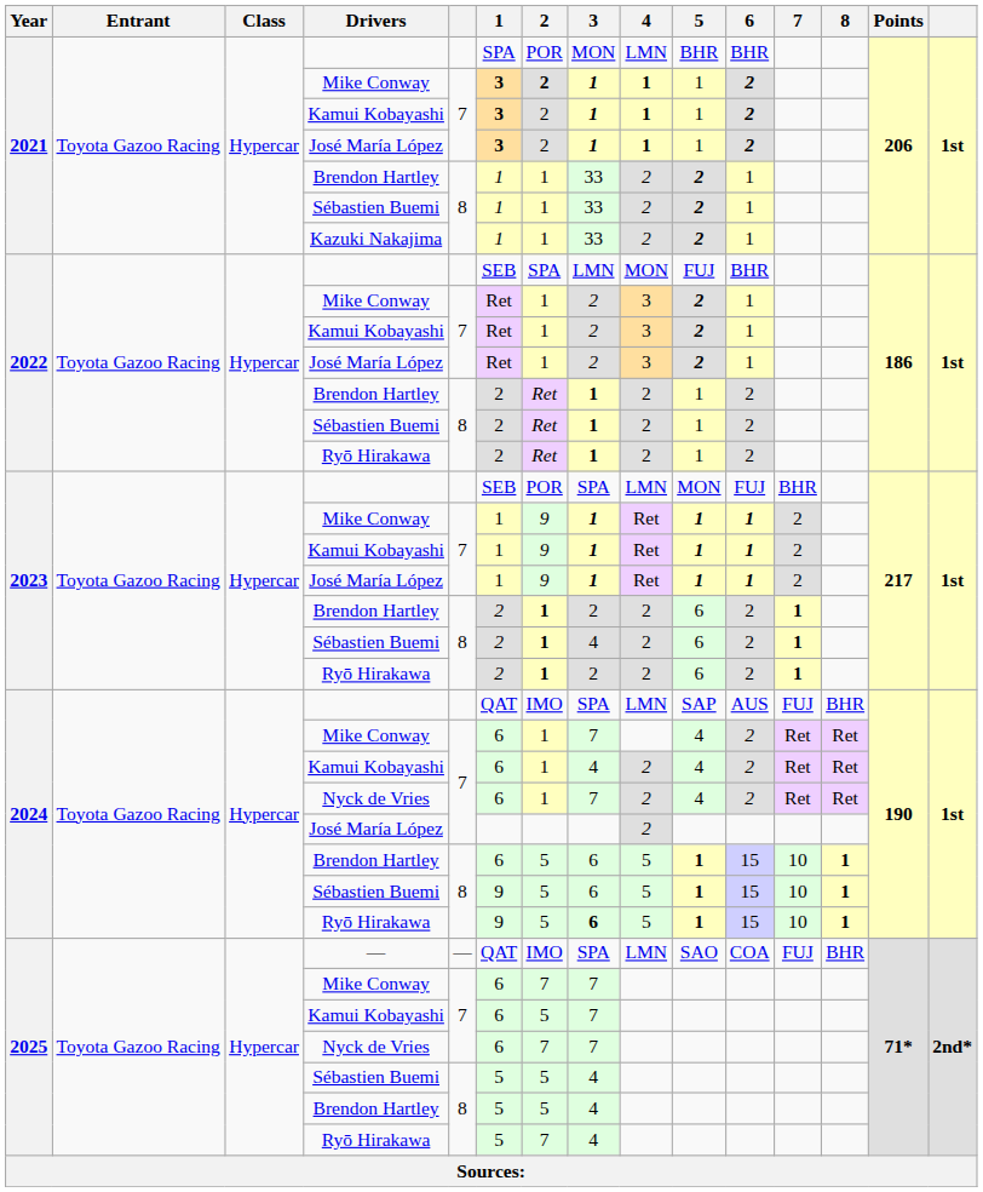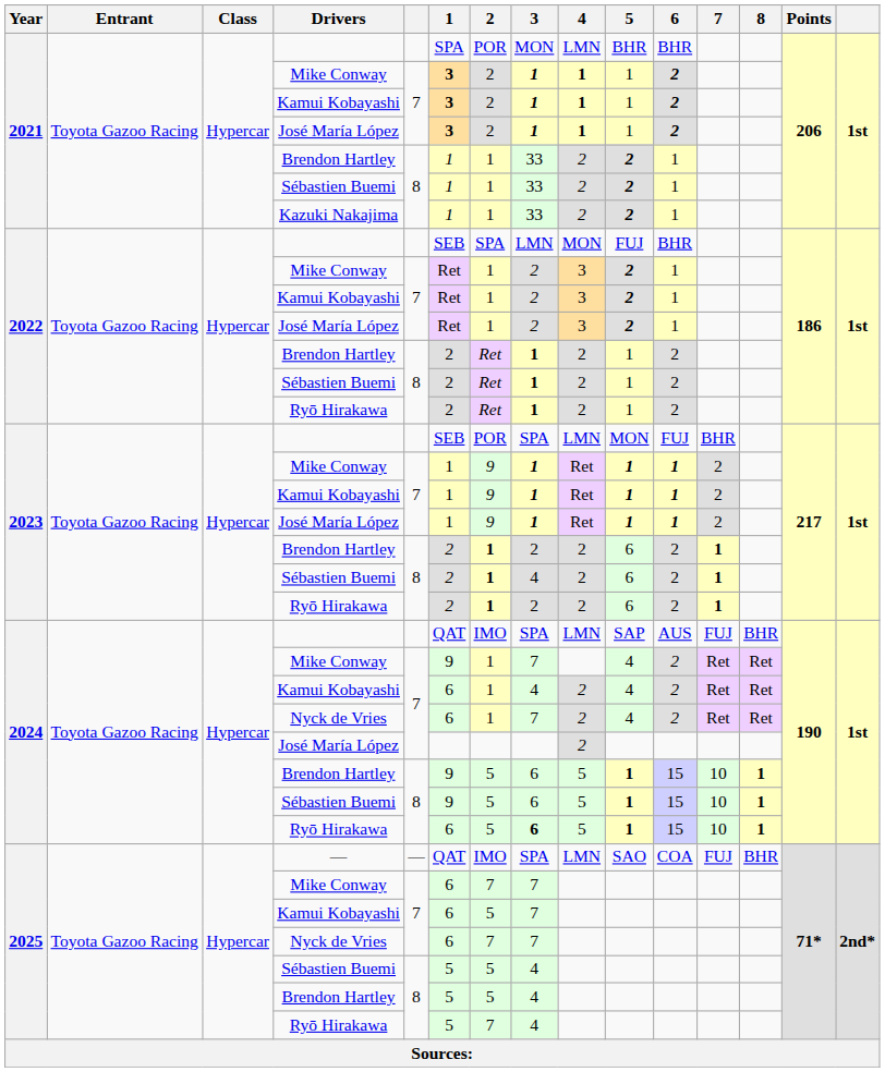 <table class="wikitable" style="text-align:center; font-size:90%">
 <tr>
 <th>Year</th>
 <th>Entrant</th>
 <th>Class</th>
 <th>Drivers</th>
 <th></th>
 <th>1</th>
 <th>2</th>
 <th>3</th>
 <th>4</th>
 <th>5</th>
 <th>6</th>
 <th>7</th>
 <th>8</th>
 <th>Points</th>
 <th></th>
 </tr>
 <tr>
 <th rowspan=7><a href='#'>2021</a></th>
 <td rowspan=7><a href='#'>Toyota Gazoo Racing</a></td>
 <td rowspan=7><a href='#'>Hypercar</a></td>
 <td></td>
 <td></td>
 <td><a href='#'>SPA</a></td>
 <td><a href='#'>POR</a></td>
 <td><a href='#'>MON</a></td>
 <td><a href='#'>LMN</a></td>
 <td><a href='#'>BHR</a></td>
 <td><a href='#'>BHR</a></td>
 <td></td>
 <td></td>
 <th rowspan="7" style="background:#FFFFBF;">206</th>
 <th rowspan="7" style="background:#FFFFBF;">1st</th>
 </tr>
 <tr>
 <td> <a href='#'>Mike Conway</a></td>
 <td rowspan=3>7</td>
 <td style="background:#FFDF9F;"><strong>3</strong></td>
-<td style="background:#DFDFDF;"><strong>2</strong></td>
+<td style="background:#DFDFDF;">2</td>
 <td style="background:#FFFFBF;"><strong><em>1</em></strong></td>
 <td style="background:#FFFFBF;"><strong>1</strong></td>
 <td style="background:#FFFFBF;">1</td>
 <td style="background:#DFDFDF;"><strong><em>2</em></strong></td>
 <td></td>
 <td></td>
 </tr>
 <tr>
 <td> <a href='#'>Kamui Kobayashi</a></td>
 <td style="background:#FFDF9F;"><strong>3</strong></td>
 <td style="background:#DFDFDF;">2</td>
 <td style="background:#FFFFBF;"><strong><em>1</em></strong></td>
 <td style="background:#FFFFBF;"><strong>1</strong></td>
 <td style="background:#FFFFBF;">1</td>
 <td style="background:#DFDFDF;"><strong><em>2</em></strong></td>
 <td></td>
 <td></td>
 </tr>
 <tr>
 <td> <a href='#'>José María López</a></td>
 <td style="background:#FFDF9F;"><strong>3</strong></td>
 <td style="background:#DFDFDF;">2</td>
 <td style="background:#FFFFBF;"><strong><em>1</em></strong></td>
 <td style="background:#FFFFBF;"><strong>1</strong></td>
 <td style="background:#FFFFBF;">1</td>
 <td style="background:#DFDFDF;"><strong><em>2</em></strong></td>
 <td></td>
 <td></td>
 </tr>
 <tr>
 <td> <a href='#'>Brendon Hartley</a></td>
 <td rowspan=3>8</td>
 <td style="background:#FFFFBF;"><em>1</em></td>
 <td style="background:#FFFFBF;">1</td>
 <td style="background:#dfffdf;">33</td>
 <td style="background:#DFDFDF;"><em>2</em></td>
 <td style="background:#DFDFDF;"><strong><em>2</em></strong></td>
 <td style="background:#FFFFBF;">1</td>
 <td></td>
 <td></td>
 </tr>
 <tr>
 <td> <a href='#'>Sébastien Buemi</a></td>
 <td style="background:#FFFFBF;"><em>1</em></td>
 <td style="background:#FFFFBF;">1</td>
 <td style="background:#dfffdf;">33</td>
 <td style="background:#DFDFDF;"><em>2</em></td>
 <td style="background:#DFDFDF;"><strong><em>2</em></strong></td>
 <td style="background:#FFFFBF;">1</td>
 <td></td>
 <td></td>
 </tr>
 <tr>
 <td> <a href='#'>Kazuki Nakajima</a></td>
 <td style="background:#FFFFBF;"><em>1</em></td>
 <td style="background:#FFFFBF;">1</td>
 <td style="background:#dfffdf;">33</td>
 <td style="background:#DFDFDF;"><em>2</em></td>
 <td style="background:#DFDFDF;"><strong><em>2</em></strong></td>
 <td style="background:#FFFFBF;">1</td>
 <td></td>
 <td></td>
 </tr>
 <tr>
 <th rowspan=7><a href='#'>2022</a></th>
 <td rowspan=7><a href='#'>Toyota Gazoo Racing</a></td>
 <td rowspan=7><a href='#'>Hypercar</a></td>
 <td></td>
 <td></td>
 <td><a href='#'>SEB</a></td>
 <td><a href='#'>SPA</a></td>
 <td><a href='#'>LMN</a></td>
 <td><a href='#'>MON</a></td>
 <td><a href='#'>FUJ</a></td>
 <td><a href='#'>BHR</a></td>
 <td></td>
 <td></td>
 <th rowspan="7" style="background:#FFFFBF;">186</th>
 <th rowspan="7" style="background:#FFFFBF;">1st</th>
 </tr>
 <tr>
 <td> <a href='#'>Mike Conway</a></td>
 <td rowspan=3>7</td>
 <td style="background:#efcfff;">Ret</td>
 <td style="background:#FFFFBF;">1</td>
 <td style="background:#DFDFDF;"><em>2</em></td>
 <td style="background:#FFDF9F;">3</td>
 <td style="background:#DFDFDF;"><strong><em>2</em></strong></td>
 <td style="background:#FFFFBF;">1</td>
 <td></td>
 <td></td>
 </tr>
 <tr>
 <td> <a href='#'>Kamui Kobayashi</a></td>
 <td style="background:#efcfff;">Ret</td>
 <td style="background:#FFFFBF;">1</td>
 <td style="background:#DFDFDF;"><em>2</em></td>
 <td style="background:#FFDF9F;">3</td>
 <td style="background:#DFDFDF;"><strong><em>2</em></strong></td>
 <td style="background:#FFFFBF;">1</td>
 <td></td>
 <td></td>
 </tr>
 <tr>
 <td> <a href='#'>José María López</a></td>
 <td style="background:#efcfff;">Ret</td>
 <td style="background:#FFFFBF;">1</td>
 <td style="background:#DFDFDF;"><em>2</em></td>
 <td style="background:#FFDF9F;">3</td>
 <td style="background:#DFDFDF;"><strong><em>2</em></strong></td>
 <td style="background:#FFFFBF;">1</td>
 <td></td>
 <td></td>
 </tr>
 <tr>
 <td> <a href='#'>Brendon Hartley</a></td>
 <td rowspan=3>8</td>
 <td style="background:#DFDFDF;">2</td>
 <td style="background:#efcfff;"><em>Ret</em></td>
 <td style="background:#FFFFBF;"><strong>1</strong></td>
 <td style="background:#DFDFDF;">2</td>
 <td style="background:#FFFFBF;">1</td>
 <td style="background:#DFDFDF;">2</td>
 <td></td>
 <td></td>
 </tr>
 <tr>
 <td> <a href='#'>Sébastien Buemi</a></td>
 <td style="background:#DFDFDF;">2</td>
 <td style="background:#efcfff;"><em>Ret</em></td>
 <td style="background:#FFFFBF;"><strong>1</strong></td>
 <td style="background:#DFDFDF;">2</td>
 <td style="background:#FFFFBF;">1</td>
 <td style="background:#DFDFDF;">2</td>
 <td></td>
 <td></td>
 </tr>
 <tr>
 <td> <a href='#'>Ryō Hirakawa</a></td>
 <td style="background:#DFDFDF;">2</td>
 <td style="background:#efcfff;"><em>Ret</em></td>
 <td style="background:#FFFFBF;"><strong>1</strong></td>
 <td style="background:#DFDFDF;">2</td>
 <td style="background:#FFFFBF;">1</td>
 <td style="background:#DFDFDF;">2</td>
 <td></td>
 <td></td>
 </tr>
 <tr>
 <th rowspan=7><a href='#'>2023</a></th>
 <td rowspan=7><a href='#'>Toyota Gazoo Racing</a></td>
 <td rowspan=7><a href='#'>Hypercar</a></td>
 <td></td>
 <td></td>
 <td><a href='#'>SEB</a></td>
 <td><a href='#'>POR</a></td>
 <td><a href='#'>SPA</a></td>
 <td><a href='#'>LMN</a></td>
 <td><a href='#'>MON</a></td>
 <td><a href='#'>FUJ</a></td>
 <td><a href='#'>BHR</a></td>
 <td></td>
 <th rowspan="7" style="background:#FFFFBF;” ">217</th>
 <th rowspan="7" style="background:#FFFFBF;”">1st</th>
 </tr>
 <tr>
 <td> <a href='#'>Mike Conway</a></td>
 <td rowspan=3>7</td>
 <td style="background:#FFFFBF;">1</td>
 <td style="background:#dfffdf;"><em>9</em></td>
 <td style="background:#FFFFBF;"><strong><em>1</em></strong></td>
 <td style="background:#efcfff;">Ret</td>
 <td style="background:#FFFFBF;"><strong><em>1</em></strong></td>
 <td style="background:#FFFFBF;"><strong><em>1</em></strong></td>
 <td style="background:#DFDFDF;">2</td>
 <td></td>
 </tr>
 <tr>
 <td> <a href='#'>Kamui Kobayashi</a></td>
 <td style="background:#FFFFBF;">1</td>
 <td style="background:#dfffdf;"><em>9</em></td>
 <td style="background:#FFFFBF;"><strong><em>1</em></strong></td>
 <td style="background:#efcfff;">Ret</td>
 <td style="background:#FFFFBF;"><strong><em>1</em></strong></td>
 <td style="background:#FFFFBF;"><strong><em>1</em></strong></td>
 <td style="background:#DFDFDF;">2</td>
 <td></td>
 </tr>
 <tr>
 <td> <a href='#'>José María López</a></td>
 <td style="background:#FFFFBF;">1</td>
 <td style="background:#dfffdf;"><em>9</em></td>
 <td style="background:#FFFFBF;"><strong><em>1</em></strong></td>
 <td style="background:#efcfff;">Ret</td>
 <td style="background:#FFFFBF;"><strong><em>1</em></strong></td>
 <td style="background:#FFFFBF;"><strong><em>1</em></strong></td>
 <td style="background:#DFDFDF;">2</td>
 <td></td>
 </tr>
 <tr>
 <td> <a href='#'>Brendon Hartley</a></td>
 <td rowspan=3>8</td>
 <td style="background:#DFDFDF;"><em>2</em></td>
 <td style="background:#FFFFBF;"><strong>1</strong></td>
 <td style="background:#DFDFDF;">2</td>
 <td style="background:#DFDFDF;">2</td>
 <td style="background:#dfffdf;">6</td>
 <td style="background:#DFDFDF;">2</td>
 <td style="background:#FFFFBF;"><strong>1</strong></td>
 <td></td>
 </tr>
 <tr>
 <td> <a href='#'>Sébastien Buemi</a></td>
 <td style="background:#DFDFDF;"><em>2</em></td>
 <td style="background:#FFFFBF;"><strong>1</strong></td>
 <td style="background:#DFDFDF;">4</td>
 <td style="background:#DFDFDF;">2</td>
 <td style="background:#dfffdf;">6</td>
 <td style="background:#DFDFDF;">2</td>
 <td style="background:#FFFFBF;"><strong>1</strong></td>
 <td></td>
 </tr>
 <tr>
 <td> <a href='#'>Ryō Hirakawa</a></td>
 <td style="background:#DFDFDF;"><em>2</em></td>
 <td style="background:#FFFFBF;"><strong>1</strong></td>
 <td style="background:#DFDFDF;">2</td>
 <td style="background:#DFDFDF;">2</td>
 <td style="background:#dfffdf;">6</td>
 <td style="background:#DFDFDF;">2</td>
 <td style="background:#FFFFBF;"><strong>1</strong></td>
 <td></td>
 </tr>
 <tr>
 <th rowspan=8><a href='#'>2024</a></th>
 <td rowspan=8><a href='#'>Toyota Gazoo Racing</a></td>
 <td rowspan=8><a href='#'>Hypercar</a></td>
 <td></td>
 <td></td>
 <td><a href='#'>QAT</a></td>
 <td><a href='#'>IMO</a></td>
 <td><a href='#'>SPA</a></td>
 <td><a href='#'>LMN</a></td>
 <td><a href='#'>SAP</a></td>
 <td><a href='#'>AUS</a></td>
 <td><a href='#'>FUJ</a></td>
 <td><a href='#'>BHR</a></td>
 <th rowspan="8" style="background:#FFFFBF;">190</th>
 <th rowspan="8" style="background:#FFFFBF;">1st</th>
 </tr>
 <tr>
 <td> <a href='#'>Mike Conway</a></td>
 <td rowspan=4>7</td>
-<td style="background:#dfffdf;">6</td>
+<td style="background:#dfffdf;">9</td>
 <td style="background:#FFFFBF;">1</td>
 <td style="background:#dfffdf;">7</td>
 <td></td>
 <td style="background:#dfffdf;”">4</td>
 <td style="background:#DFDFDF;"><em>2</em></td>
 <td style="background:#efcfff;">Ret</td>
 <td style="background:#efcfff;">Ret</td>
 </tr>
 <tr>
 <td> <a href='#'>Kamui Kobayashi</a></td>
 <td style="background:#dfffdf;">6</td>
 <td style="background:#FFFFBF;">1</td>
 <td style="background:#dfffdf;">4</td>
 <td style="background:#DFDFDF;"><em>2</em></td>
 <td style="background:#dfffdf;”">4</td>
 <td style="background:#DFDFDF;"><em>2</em></td>
 <td style="background:#efcfff;">Ret</td>
 <td style="background:#efcfff;">Ret</td>
 </tr>
 <tr>
 <td> <a href='#'>Nyck de Vries</a></td>
 <td style="background:#dfffdf;">6</td>
 <td style="background:#FFFFBF;">1</td>
 <td style="background:#dfffdf;">7</td>
 <td style="background:#DFDFDF;"><em>2</em></td>
 <td style="background:#dfffdf;”">4</td>
 <td style="background:#DFDFDF;"><em>2</em></td>
 <td style="background:#efcfff;">Ret</td>
 <td style="background:#efcfff;">Ret</td>
 </tr>
 <tr>
 <td> <a href='#'>José María López</a></td>
 <td></td>
 <td></td>
 <td></td>
 <td style="background:#DFDFDF;"><em>2</em></td>
 <td></td>
 <td></td>
 <td></td>
 <td></td>
 </tr>
 <tr>
 <td> <a href='#'>Brendon Hartley</a></td>
 <td rowspan=3>8</td>
-<td style="background:#dfffdf;">6</td>
+<td style="background:#dfffdf;">9</td>
 <td style="background:#dfffdf;">5</td>
 <td style="background:#dfffdf;">6</td>
 <td style="background:#dfffdf;">5</td>
 <td style="background:#FFFFBF;"><strong>1</strong></td>
 <td style="background:#CFCFFF;”">15</td>
 <td style="background:#dfffdf;">10</td>
 <td style="background:#FFFFBF;"><strong>1</strong></td>
 </tr>
 <tr>
 <td> <a href='#'>Sébastien Buemi</a></td>
 <td style="background:#dfffdf;">9</td>
 <td style="background:#dfffdf;">5</td>
 <td style="background:#dfffdf;">6</td>
 <td style="background:#dfffdf;">5</td>
 <td style="background:#FFFFBF;"><strong>1</strong></td>
 <td style="background:#CFCFFF;”">15</td>
 <td style="background:#dfffdf;">10</td>
 <td style="background:#FFFFBF;"><strong>1</strong></td>
 </tr>
 <tr>
 <td> <a href='#'>Ryō Hirakawa</a></td>
-<td style="background:#dfffdf;">9</td>
+<td style="background:#dfffdf;">6</td>
 <td style="background:#dfffdf;">5</td>
 <td style="background:#dfffdf;"><strong>6</strong></td>
 <td style="background:#dfffdf;">5</td>
 <td style="background:#FFFFBF;"><strong>1</strong></td>
 <td style="background:#CFCFFF;”">15</td>
 <td style="background:#dfffdf;">10</td>
 <td style="background:#FFFFBF;"><strong>1</strong></td>
 </tr>
 <tr>
 <th rowspan="7"><a href='#'>2025</a></th>
 <td rowspan="7"><a href='#'>Toyota Gazoo Racing</a></td>
 <td rowspan="7"><a href='#'>Hypercar</a></td>
 <td>—</td>
 <td>—</td>
 <td><a href='#'>QAT</a></td>
 <td><a href='#'>IMO</a></td>
 <td><a href='#'>SPA</a></td>
 <td><a href='#'>LMN</a></td>
 <td><a href='#'>SAO</a></td>
 <td><a href='#'>COA</a></td>
 <td><a href='#'>FUJ</a></td>
 <td><a href='#'>BHR</a></td>
 <th rowspan="7" style="background:#DFDFDF;">71*</th>
 <th rowspan="7" style="background:#DFDFDF;">2nd*</th>
 </tr>
 <tr>
 <td> <a href='#'>Mike Conway</a></td>
 <td rowspan="3">7</td>
 <td style="background:#dfffdf;">6</td>
 <td style="background:#dfffdf;">7</td>
 <td style="background:#dfffdf;">7</td>
 <td></td>
 <td></td>
 <td></td>
 <td></td>
 <td></td>
 </tr>
 <tr>
 <td> <a href='#'>Kamui Kobayashi</a></td>
 <td style="background:#dfffdf;">6</td>
 <td style="background:#dfffdf;">5</td>
 <td style="background:#dfffdf;">7</td>
 <td></td>
 <td></td>
 <td></td>
 <td></td>
 <td></td>
 </tr>
 <tr>
 <td> <a href='#'>Nyck de Vries</a></td>
 <td style="background:#dfffdf;">6</td>
 <td style="background:#dfffdf;">7</td>
 <td style="background:#dfffdf;">7</td>
 <td></td>
 <td></td>
 <td></td>
 <td></td>
 <td></td>
 </tr>
 <tr>
 <td> <a href='#'>Sébastien Buemi</a></td>
 <td rowspan="3">8</td>
 <td style="background:#dfffdf;">5</td>
 <td style="background:#dfffdf;">5</td>
 <td style="background:#dfffdf;">4</td>
 <td></td>
 <td></td>
 <td></td>
 <td></td>
 <td></td>
 </tr>
 <tr>
 <td> <a href='#'>Brendon Hartley</a></td>
 <td style="background:#dfffdf;">5</td>
 <td style="background:#dfffdf;">5</td>
 <td style="background:#dfffdf;">4</td>
 <td></td>
 <td></td>
 <td></td>
 <td></td>
 <td></td>
 </tr>
 <tr>
 <td> <a href='#'>Ryō Hirakawa</a></td>
 <td style="background:#dfffdf;">5</td>
 <td style="background:#dfffdf;">7</td>
 <td style="background:#dfffdf;">4</td>
 <td></td>
 <td></td>
 <td></td>
 <td></td>
 <td></td>
 </tr>
 <tr>
 <th colspan="15">Sources:</th>
 </tr>
 </table>
